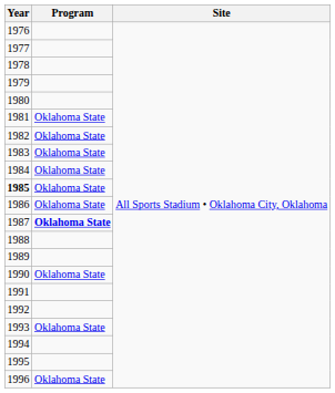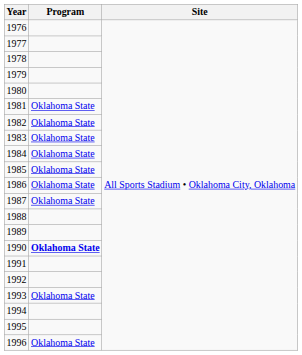 <table class="wikitable">
 <tr>
 <th>Year</th>
 <th>Program</th>
 <th>Site</th>
 </tr>
 <tr>
 <td>1976</td>
 <td></td>
 <td rowspan="21"><a href='#'>All Sports Stadium</a> • <a href='#'>Oklahoma City, Oklahoma</a></td>
 </tr>
 <tr>
 <td>1977</td>
 <td></td>
 </tr>
 <tr>
 <td>1978</td>
 <td></td>
 </tr>
 <tr>
 <td>1979</td>
 <td></td>
 </tr>
 <tr>
 <td>1980</td>
 <td></td>
 </tr>
 <tr>
 <td>1981</td>
 <td><a href='#'>Oklahoma State</a></td>
 </tr>
 <tr>
 <td>1982</td>
 <td><a href='#'>Oklahoma State</a></td>
 </tr>
 <tr>
 <td>1983</td>
 <td><a href='#'>Oklahoma State</a></td>
 </tr>
 <tr>
 <td>1984</td>
 <td><a href='#'>Oklahoma State</a></td>
 </tr>
 <tr>
-<td><strong>1985</strong></td>
+<td>1985</td>
 <td><a href='#'>Oklahoma State</a></td>
 </tr>
 <tr>
 <td>1986</td>
 <td><a href='#'>Oklahoma State</a></td>
 </tr>
 <tr>
 <td>1987</td>
-<td><strong><a href='#'>Oklahoma State</a></strong></td>
+<td><a href='#'>Oklahoma State</a></td>
 </tr>
 <tr>
 <td>1988</td>
 <td></td>
 </tr>
 <tr>
 <td>1989</td>
 <td></td>
 </tr>
 <tr>
 <td>1990</td>
-<td><a href='#'>Oklahoma State</a></td>
+<td><strong><a href='#'>Oklahoma State</a></strong></td>
 </tr>
 <tr>
 <td>1991</td>
 <td></td>
 </tr>
 <tr>
 <td>1992</td>
 <td></td>
 </tr>
 <tr>
 <td>1993</td>
 <td><a href='#'>Oklahoma State</a></td>
 </tr>
 <tr>
 <td>1994</td>
 <td></td>
 </tr>
 <tr>
 <td>1995</td>
 <td></td>
 </tr>
 <tr>
 <td>1996</td>
 <td><a href='#'>Oklahoma State</a></td>
 </tr>
 </table>
